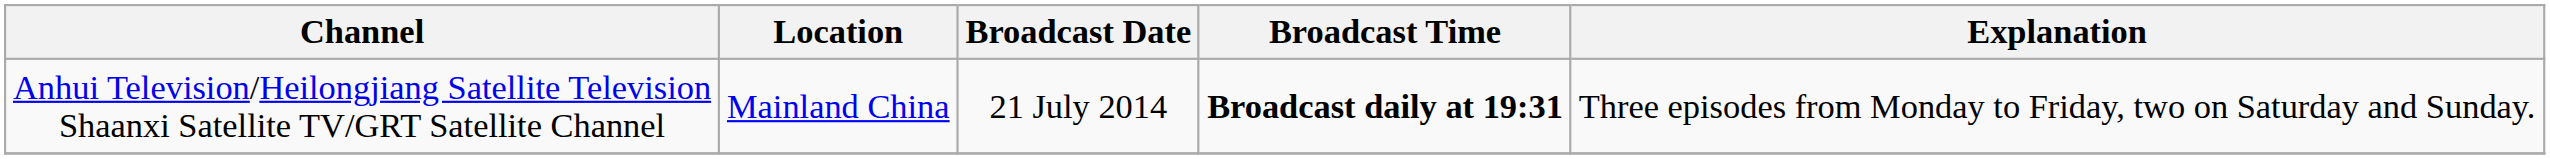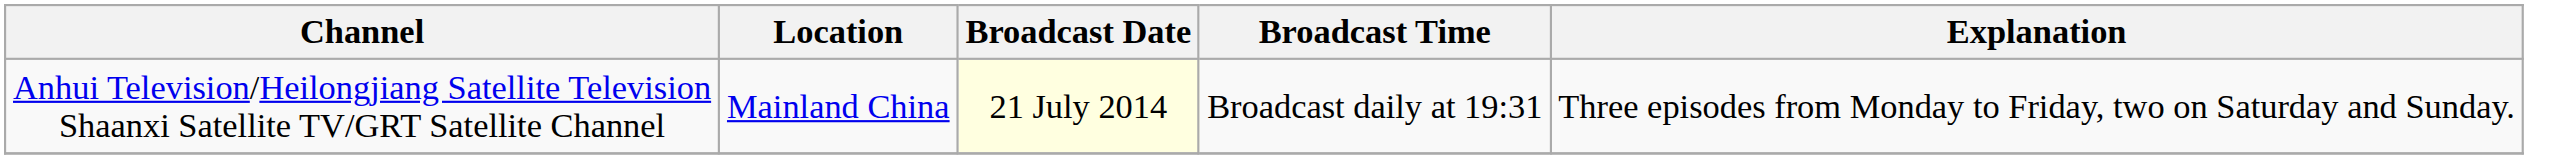 <table class="wikitable">
 <tr>
 <th>Channel</th>
 <th>Location</th>
 <th>Broadcast Date</th>
 <th>Broadcast Time</th>
 <th>Explanation</th>
 </tr>
 <tr align=center>
 <td><a href='#'>Anhui Television</a>/<a href='#'>Heilongjiang Satellite Television</a><br>Shaanxi Satellite TV/GRT Satellite Channel</td>
 <td><a href='#'>Mainland China</a></td>
-<td>21 July 2014</td>
-<td><strong>Broadcast daily at 19:31</strong></td>
+<td style="background: lightyellow;">21 July 2014</td>
+<td>Broadcast daily at 19:31</td>
 <td>Three episodes from Monday to Friday, two on Saturday and Sunday.</td>
 </tr>
 <tr align=center>
 </tr>
 </table>
